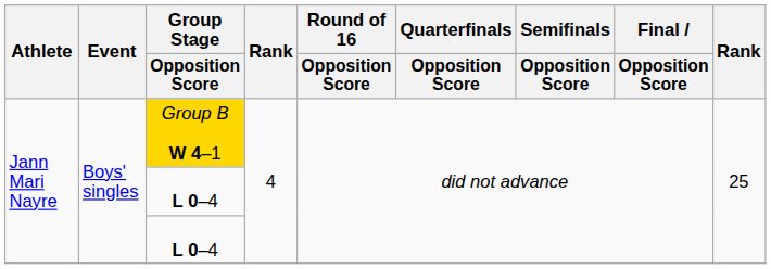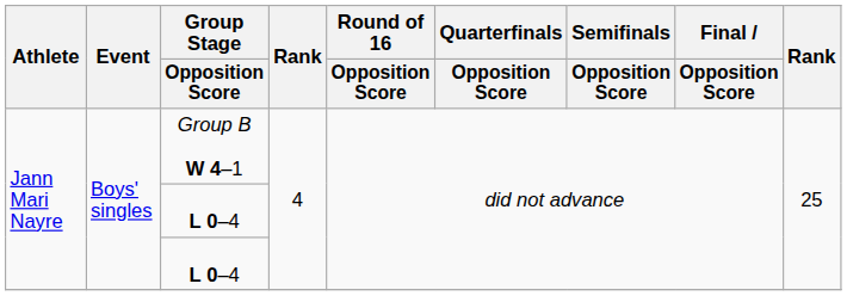 <table class=wikitable style="font-size:90%">
 <tr>
 <th rowspan="2">Athlete</th>
 <th rowspan="2">Event</th>
 <th>Group Stage</th>
 <th rowspan="2">Rank</th>
 <th>Round of 16</th>
 <th>Quarterfinals</th>
 <th>Semifinals</th>
 <th>Final / </th>
 <th rowspan=2>Rank</th>
 </tr>
 <tr style="font-size:95%">
 <th>Opposition<br>Score</th>
 <th>Opposition<br>Score</th>
 <th>Opposition<br>Score</th>
 <th>Opposition<br>Score</th>
 <th>Opposition<br>Score</th>
 </tr>
 <tr align=center>
 <td align=left rowspan=3><a href='#'>Jann Mari Nayre</a></td>
 <td align=left rowspan=3><a href='#'>Boys' singles</a></td>
-<td style="background: gold;"><em>Group B</em><br><small>  </small><br> <strong>W</strong> <strong>4</strong>–1</td>
+<td><em>Group B</em><br><small>  </small><br> <strong>W</strong> <strong>4</strong>–1</td>
 <td rowspan=3>4</td>
 <td rowspan=3 colspan=4><em>did not advance</em></td>
 <td rowspan=3>25</td>
 </tr>
 <tr align=center>
 <td><small>  </small><br> <strong>L</strong> <strong>0</strong>–4</td>
 </tr>
 <tr align=center>
 <td><small>  </small><br> <strong>L</strong> <strong>0</strong>–4</td>
 </tr>
 <tr align=center>
 </tr>
 </table>
